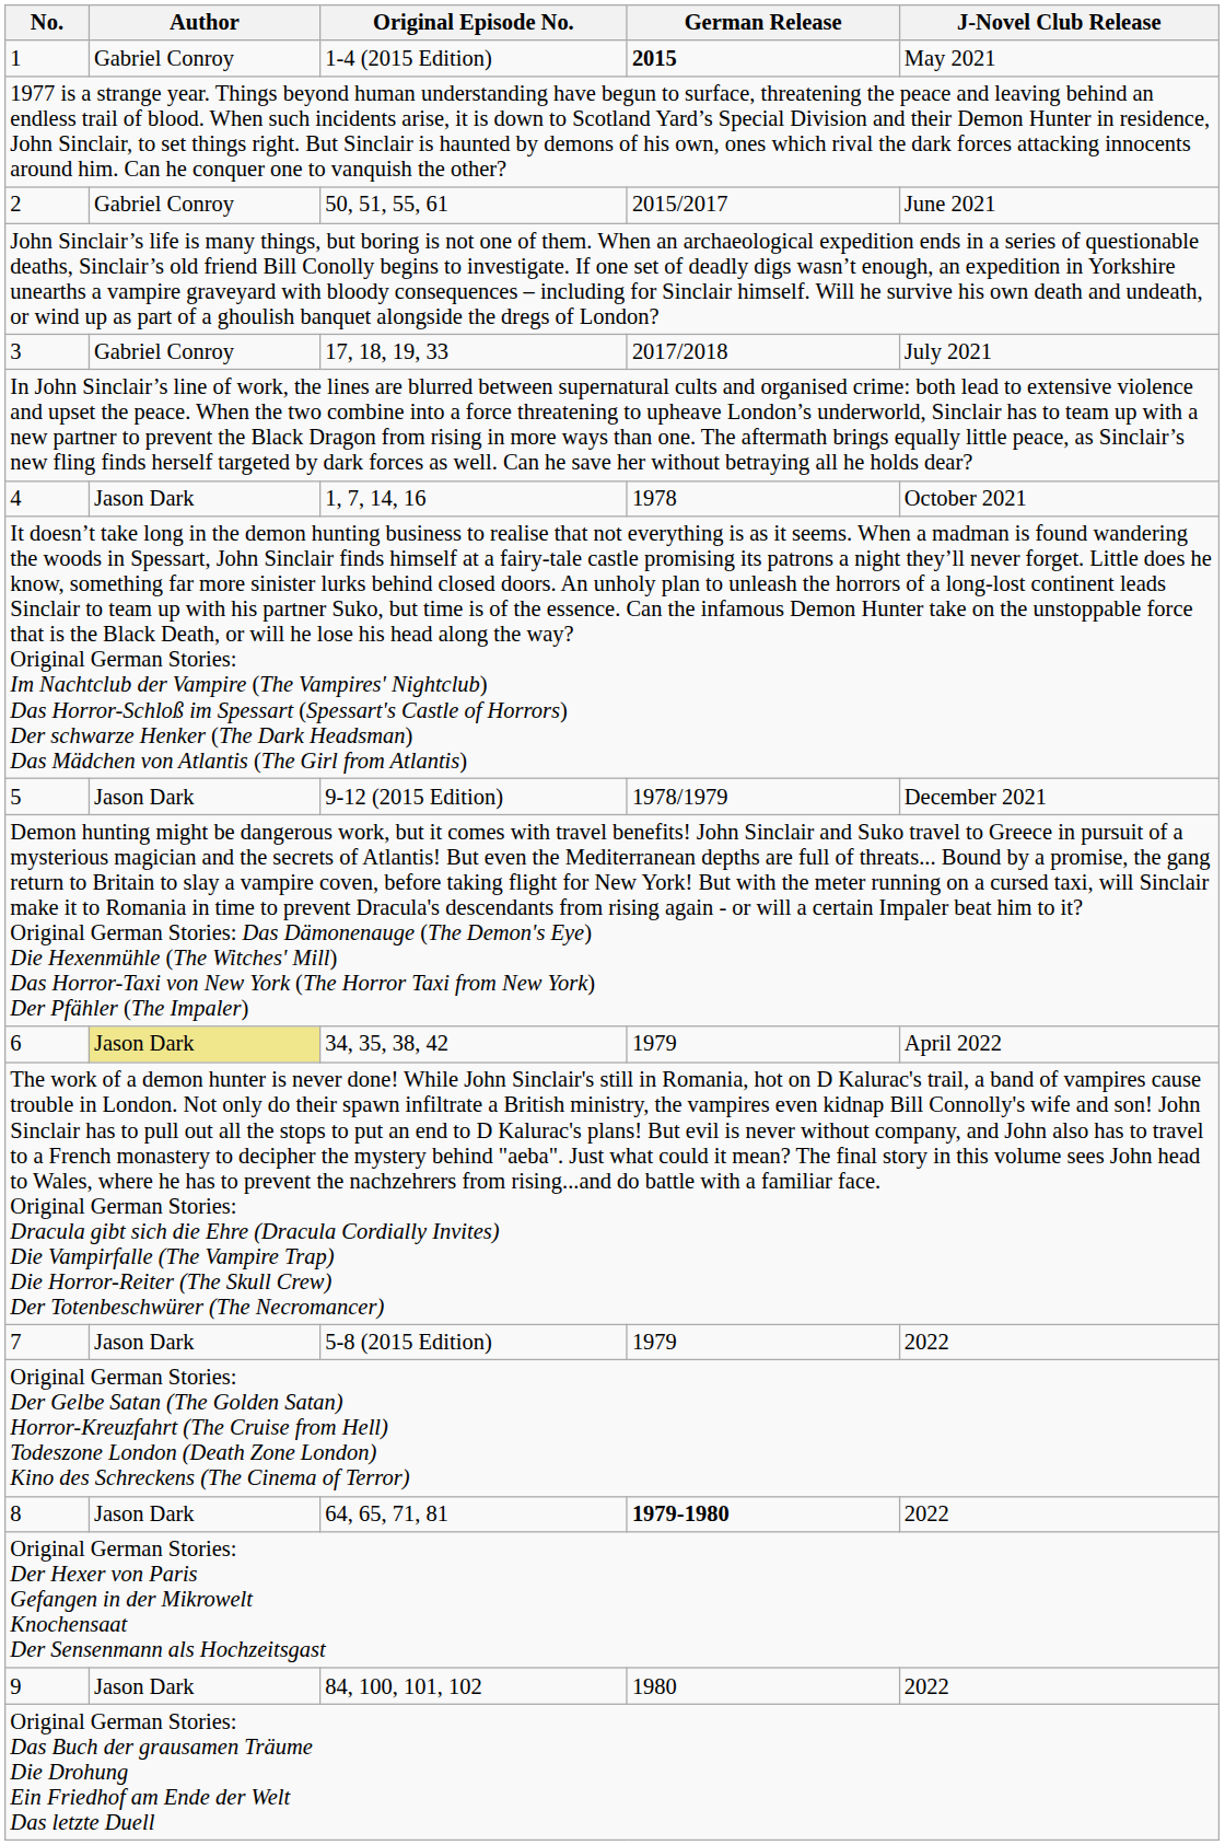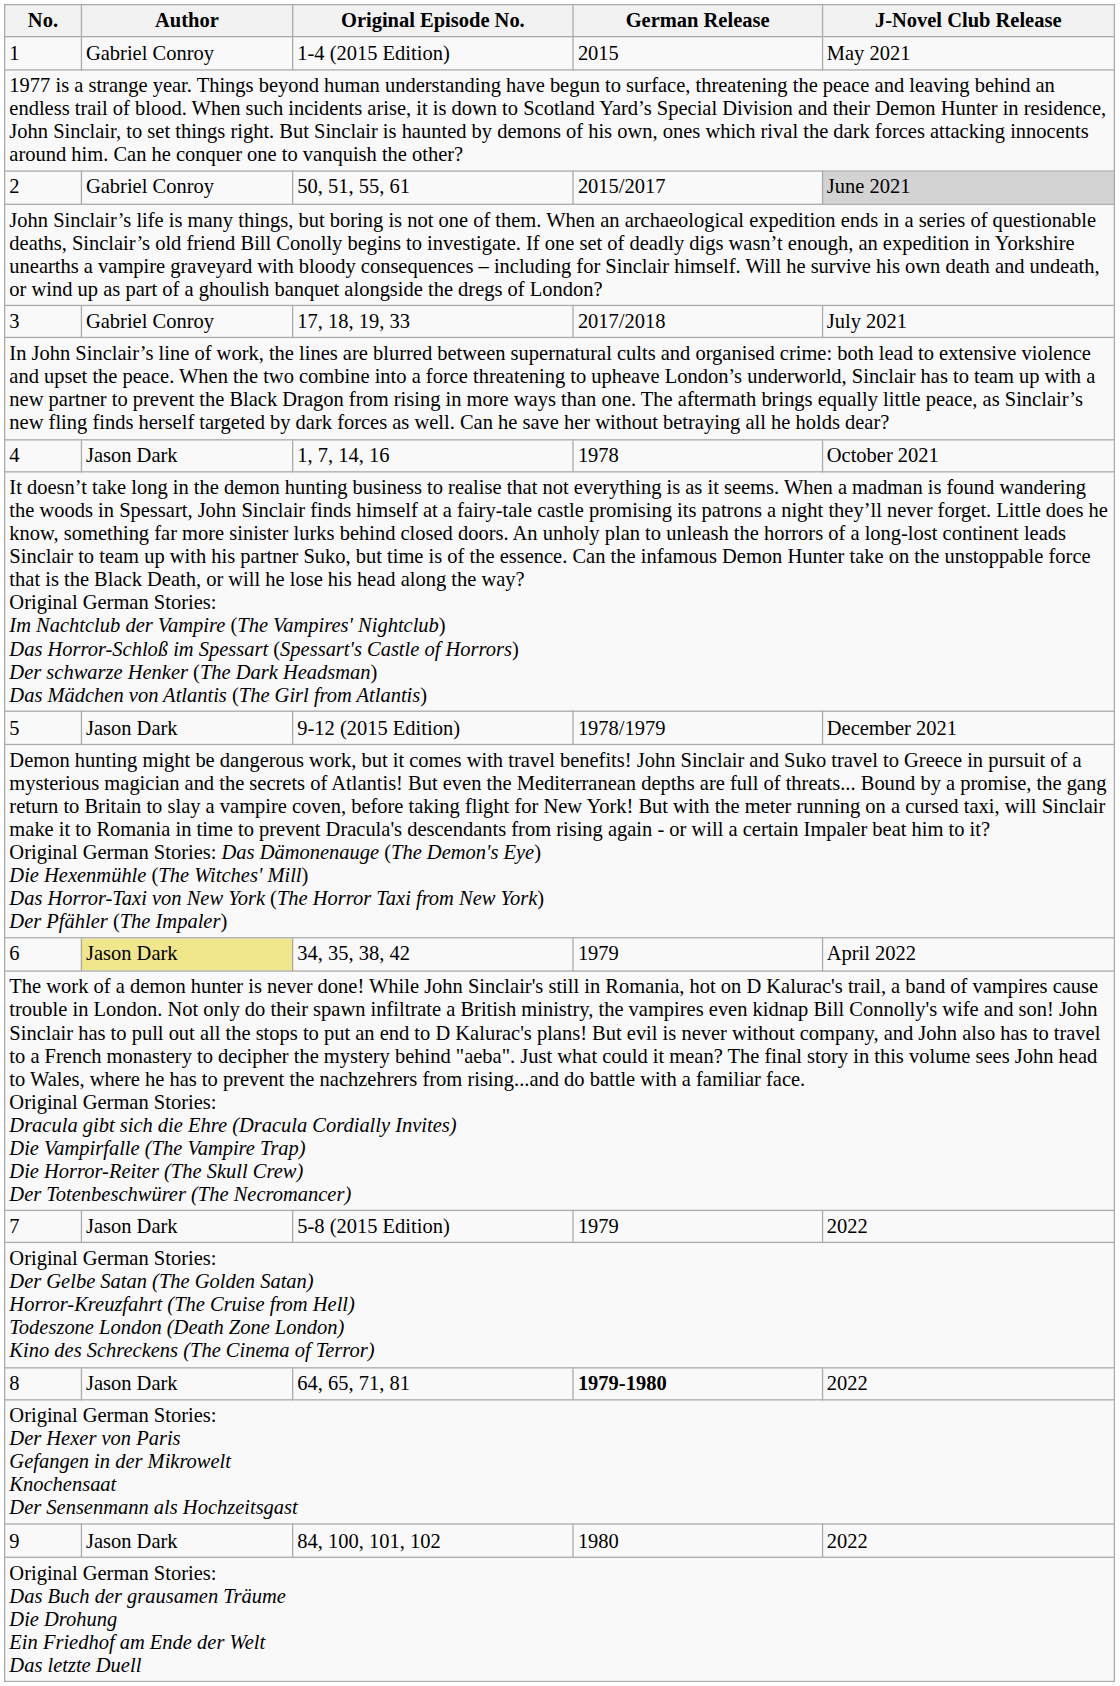 <table class="wikitable">
 <tr>
 <th>No.</th>
 <th>Author</th>
 <th>Original Episode No.</th>
 <th>German Release</th>
 <th>J-Novel Club Release</th>
 </tr>
 <tr>
 <td>1</td>
 <td>Gabriel Conroy</td>
 <td>1-4 (2015 Edition)</td>
-<td><strong>2015</strong></td>
+<td>2015</td>
 <td>May 2021<br></td>
 </tr>
 <tr>
 <td colspan="5">1977 is a strange year. Things beyond human understanding have begun to surface, threatening the peace and leaving behind an endless trail of blood. When such incidents arise, it is down to Scotland Yard’s Special Division and their Demon Hunter in residence, John Sinclair, to set things right. But Sinclair is haunted by demons of his own, ones which rival the dark forces attacking innocents around him. Can he conquer one to vanquish the other?</td>
 </tr>
 <tr>
 <td>2</td>
 <td>Gabriel Conroy</td>
 <td>50, 51, 55, 61</td>
 <td>2015/2017</td>
-<td>June 2021<br></td>
+<td style="background: lightgrey;">June 2021<br></td>
 </tr>
 <tr>
 <td colspan="5">John Sinclair’s life is many things, but boring is not one of them. When an archaeological expedition ends in a series of questionable deaths, Sinclair’s old friend Bill Conolly begins to investigate. If one set of deadly digs wasn’t enough, an expedition in Yorkshire unearths a vampire graveyard with bloody consequences – including for Sinclair himself. Will he survive his own death and undeath, or wind up as part of a ghoulish banquet alongside the dregs of London?</td>
 </tr>
 <tr>
 <td>3</td>
 <td>Gabriel Conroy</td>
 <td>17, 18, 19, 33</td>
 <td>2017/2018</td>
 <td>July 2021<br></td>
 </tr>
 <tr>
 <td colspan="5">In John Sinclair’s line of work, the lines are blurred between supernatural cults and organised crime: both lead to extensive violence and upset the peace. When the two combine into a force threatening to upheave London’s underworld, Sinclair has to team up with a new partner to prevent the Black Dragon from rising in more ways than one. The aftermath brings equally little peace, as Sinclair’s new fling finds herself targeted by dark forces as well. Can he save her without betraying all he holds dear?</td>
 </tr>
 <tr>
 <td>4</td>
 <td>Jason Dark</td>
 <td>1, 7, 14, 16</td>
 <td>1978</td>
 <td>October 2021<br></td>
 </tr>
 <tr>
 <td colspan="5">It doesn’t take long in the demon hunting business to realise that not everything is as it seems. When a madman is found wandering the woods in Spessart, John Sinclair finds himself at a fairy-tale castle promising its patrons a night they’ll never forget. Little does he know, something far more sinister lurks behind closed doors. An unholy plan to unleash the horrors of a long-lost continent leads Sinclair to team up with his partner Suko, but time is of the essence. Can the infamous Demon Hunter take on the unstoppable force that is the Black Death, or will he lose his head along the way?<br>Original German Stories:<br><em>Im Nachtclub der Vampire</em> (<em>The Vampires' Nightclub</em>)<br><em>Das Horror-Schloß im Spessart</em> (<em>Spessart's Castle of Horrors</em>)<br><em>Der schwarze Henker</em> (<em>The Dark Headsman</em>)<br><em>Das Mädchen von Atlantis</em> (<em>The Girl from Atlantis</em>)</td>
 </tr>
 <tr>
 <td>5</td>
 <td>Jason Dark</td>
 <td>9-12 (2015 Edition)</td>
 <td>1978/1979</td>
 <td>December 2021<br></td>
 </tr>
 <tr>
 <td colspan="5">Demon hunting might be dangerous work, but it comes with travel benefits! John Sinclair and Suko travel to Greece in pursuit of a mysterious magician and the secrets of Atlantis! But even the Mediterranean depths are full of threats... Bound by a promise, the gang return to Britain to slay a vampire coven, before taking flight for New York! But with the meter running on a cursed taxi, will Sinclair make it to Romania in time to prevent Dracula's descendants from rising again - or will a certain Impaler beat him to it?<br>Original German Stories: <em>Das Dämonenauge</em> (<em>The Demon's Eye</em>)<br><em>Die Hexenmühle</em> (<em>The Witches' Mill</em>)<br><em>Das Horror-Taxi von New York</em> (<em>The Horror Taxi from New York</em>)<br><em>Der Pfähler</em> (<em>The Impaler</em>)</td>
 </tr>
 <tr>
 <td>6</td>
 <td style="background: khaki;">Jason Dark</td>
 <td>34, 35, 38, 42</td>
 <td>1979</td>
 <td>April 2022<br></td>
 </tr>
 <tr>
 <td colspan="5">The work of a demon hunter is never done! While John Sinclair's still in Romania, hot on D Kalurac's trail, a band of vampires cause trouble in London. Not only do their spawn infiltrate a British ministry, the vampires even kidnap Bill Connolly's wife and son! John Sinclair has to pull out all the stops to put an end to D Kalurac's plans! But evil is never without company, and John also has to travel to a French monastery to decipher the mystery behind "aeba". Just what could it mean? The final story in this volume sees John head to Wales, where he has to prevent the nachzehrers from rising...and do battle with a familiar face.<br>Original German Stories:<br><em>Dracula gibt sich die Ehre (Dracula Cordially Invites)</em><br><em>Die Vampirfalle (The Vampire Trap)</em><br><em>Die Horror-Reiter (The Skull Crew)</em><br><em>Der Totenbeschwürer (The Necromancer)</em></td>
 </tr>
 <tr>
 <td>7</td>
 <td>Jason Dark</td>
 <td>5-8 (2015 Edition)</td>
 <td>1979</td>
 <td>2022</td>
 </tr>
 <tr>
 <td colspan="5">Original German Stories:<br><em>Der Gelbe Satan (The Golden Satan)</em><br><em>Horror-Kreuzfahrt (The Cruise from Hell)</em><br><em>Todeszone London (Death Zone London)</em><br><em>Kino des Schreckens (The Cinema of Terror)</em></td>
 </tr>
 <tr>
 <td>8</td>
 <td>Jason Dark</td>
 <td>64, 65, 71, 81</td>
 <td><strong>1979-1980</strong></td>
 <td>2022</td>
 </tr>
 <tr>
 <td colspan="5">Original German Stories:<br><em>Der Hexer von Paris</em><br><em>Gefangen in der Mikrowelt</em><br><em>Knochensaat</em><br><em>Der Sensenmann als Hochzeitsgast</em></td>
 </tr>
 <tr>
 <td>9</td>
 <td>Jason Dark</td>
 <td>84, 100, 101, 102</td>
 <td>1980</td>
 <td>2022</td>
 </tr>
 <tr>
 <td colspan="5">Original German Stories:<br><em>Das Buch der grausamen Träume</em><br><em>Die Drohung</em><br><em>Ein Friedhof am Ende der Welt</em><br><em>Das letzte Duell</em></td>
 </tr>
 </table>
